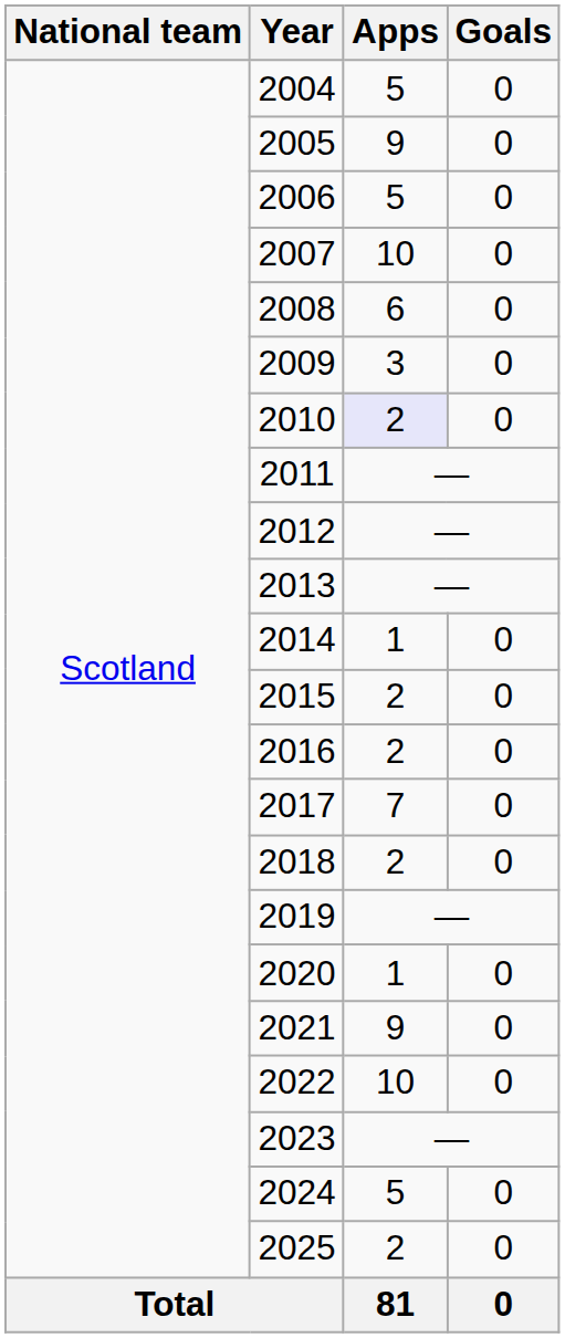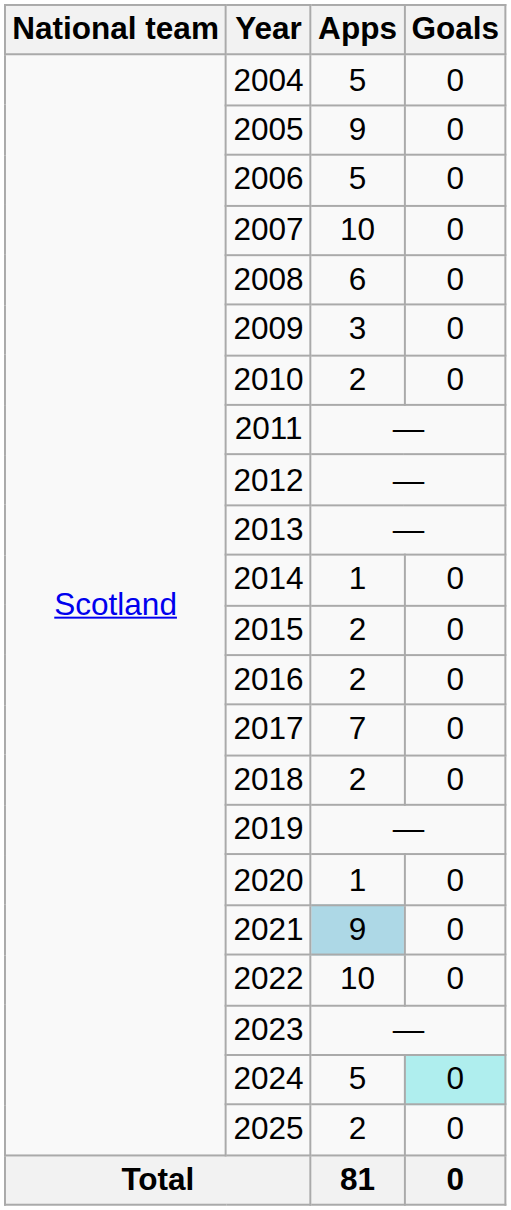 <table class="wikitable" style="text-align:center">
 <tr>
 <th>National team</th>
 <th>Year</th>
 <th>Apps</th>
 <th>Goals</th>
 </tr>
 <tr>
 <td rowspan="22"><a href='#'>Scotland</a></td>
 <td>2004</td>
 <td>5</td>
 <td>0</td>
 </tr>
 <tr>
 <td>2005</td>
 <td>9</td>
 <td>0</td>
 </tr>
 <tr>
 <td>2006</td>
 <td>5</td>
 <td>0</td>
 </tr>
 <tr>
 <td>2007</td>
 <td>10</td>
 <td>0</td>
 </tr>
 <tr>
 <td>2008</td>
 <td>6</td>
 <td>0</td>
 </tr>
 <tr>
 <td>2009</td>
 <td>3</td>
 <td>0</td>
 </tr>
 <tr>
 <td>2010</td>
-<td style="background: lavender;">2</td>
+<td>2</td>
 <td>0</td>
 </tr>
 <tr>
 <td>2011</td>
 <td colspan=2>—</td>
 </tr>
 <tr>
 <td>2012</td>
 <td colspan=2>—</td>
 </tr>
 <tr>
 <td>2013</td>
 <td colspan=2>—</td>
 </tr>
 <tr>
 <td>2014</td>
 <td>1</td>
 <td>0</td>
 </tr>
 <tr>
 <td>2015</td>
 <td>2</td>
 <td>0</td>
 </tr>
 <tr>
 <td>2016</td>
 <td>2</td>
 <td>0</td>
 </tr>
 <tr>
 <td>2017</td>
 <td>7</td>
 <td>0</td>
 </tr>
 <tr>
 <td>2018</td>
 <td>2</td>
 <td>0</td>
 </tr>
 <tr>
 <td>2019</td>
 <td colspan=2>—</td>
 </tr>
 <tr>
 <td>2020</td>
 <td>1</td>
 <td>0</td>
 </tr>
 <tr>
 <td>2021</td>
-<td>9</td>
+<td style="background: lightblue;">9</td>
 <td>0</td>
 </tr>
 <tr>
 <td>2022</td>
 <td>10</td>
 <td>0</td>
 </tr>
 <tr>
 <td>2023</td>
 <td colspan=2>—</td>
 </tr>
 <tr>
 <td>2024</td>
 <td>5</td>
-<td>0</td>
+<td style="background: paleturquoise;">0</td>
 </tr>
 <tr>
 <td>2025</td>
 <td>2</td>
 <td>0</td>
 </tr>
 <tr>
 <th colspan="2">Total</th>
 <th>81</th>
 <th>0</th>
 </tr>
 </table>
